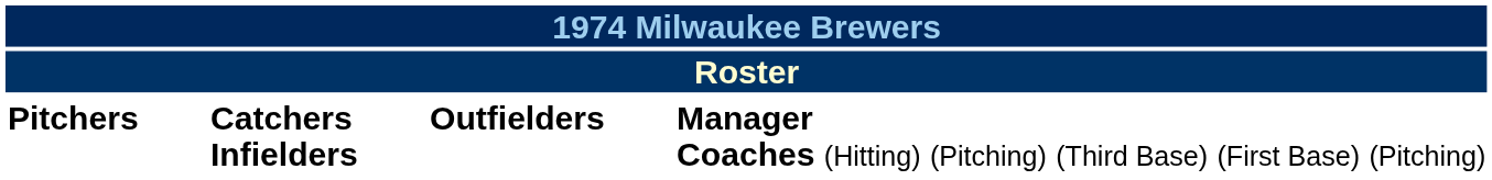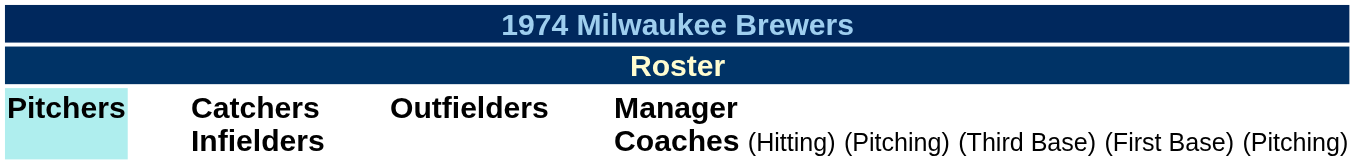 <table class="toccolours" style="font-size: 95%;">
 <tr>
 <th colspan="10" style="background-color: #00285D; color: #9ECEEE; text-align: center;">1974 Milwaukee Brewers</th>
 </tr>
 <tr>
 <td colspan="10" style="background-color: #003366; color: #FFFDD0; text-align: center;"><strong>Roster</strong></td>
 </tr>
 <tr>
-<td valign="top"><strong>Pitchers</strong><br>             </td>
+<td valign="top" style="background: paleturquoise;"><strong>Pitchers</strong><br>             </td>
 <td width="25px"></td>
 <td valign="top"><strong>Catchers</strong><br>  <strong>Infielders</strong>           </td>
 <td width="25px"></td>
 <td valign="top"><strong>Outfielders</strong><br>        </td>
 <td width="25px"></td>
 <td valign="top"><strong>Manager</strong><br>  <strong>Coaches</strong>  <small>(Hitting)</small>  <small>(Pitching)</small>  <small>(Third Base)</small>  <small>(First Base)</small>  <small>(Pitching)</small></td>
 </tr>
 <tr>
 </tr>
 </table>
